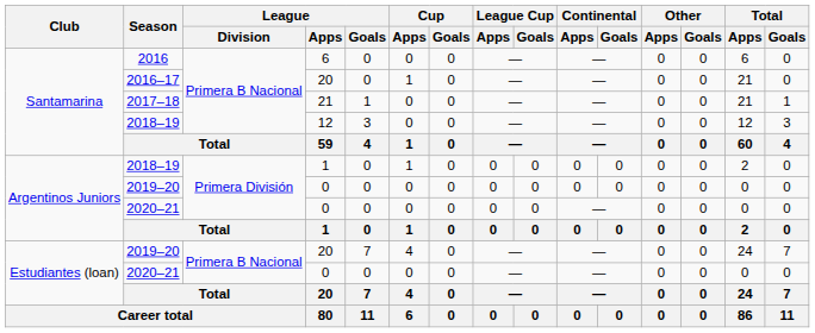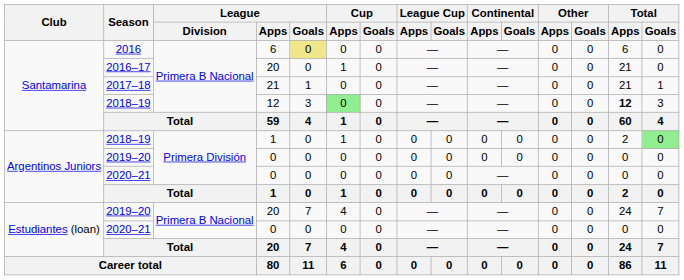 <table class="wikitable" style="text-align:center">
 <tr>
 <th rowspan="2">Club</th>
 <th rowspan="2">Season</th>
 <th colspan="3">League</th>
 <th colspan="2">Cup</th>
 <th colspan="2">League Cup</th>
 <th colspan="2">Continental</th>
 <th colspan="2">Other</th>
 <th colspan="2">Total</th>
 </tr>
 <tr>
 <th>Division</th>
 <th>Apps</th>
 <th>Goals</th>
 <th>Apps</th>
 <th>Goals</th>
 <th>Apps</th>
 <th>Goals</th>
 <th>Apps</th>
 <th>Goals</th>
 <th>Apps</th>
 <th>Goals</th>
 <th>Apps</th>
 <th>Goals</th>
 </tr>
 <tr>
 <td rowspan="5"><a href='#'>Santamarina</a></td>
 <td><a href='#'>2016</a></td>
 <td rowspan="4"><a href='#'>Primera B Nacional</a></td>
 <td>6</td>
-<td>0</td>
+<td style="background: khaki;">0</td>
 <td>0</td>
 <td>0</td>
 <td colspan="2">—</td>
 <td colspan="2">—</td>
 <td>0</td>
 <td>0</td>
 <td>6</td>
 <td>0</td>
 </tr>
 <tr>
 <td><a href='#'>2016–17</a></td>
 <td>20</td>
 <td>0</td>
 <td>1</td>
 <td>0</td>
 <td colspan="2">—</td>
 <td colspan="2">—</td>
 <td>0</td>
 <td>0</td>
 <td>21</td>
 <td>0</td>
 </tr>
 <tr>
 <td><a href='#'>2017–18</a></td>
 <td>21</td>
 <td>1</td>
 <td>0</td>
 <td>0</td>
 <td colspan="2">—</td>
 <td colspan="2">—</td>
 <td>0</td>
 <td>0</td>
 <td>21</td>
 <td>1</td>
 </tr>
 <tr>
 <td><a href='#'>2018–19</a></td>
 <td>12</td>
 <td>3</td>
-<td>0</td>
+<td style="background: lightgreen;">0</td>
 <td>0</td>
 <td colspan="2">—</td>
 <td colspan="2">—</td>
 <td>0</td>
 <td>0</td>
-<td>12</td>
+<td><strong>12</strong></td>
 <td>3</td>
 </tr>
 <tr>
 <th colspan="2">Total</th>
 <th>59</th>
 <th>4</th>
 <th>1</th>
 <th>0</th>
 <th colspan="2">—</th>
 <th colspan="2">—</th>
 <th>0</th>
 <th>0</th>
 <th>60</th>
 <th>4</th>
 </tr>
 <tr>
 <td rowspan="4"><a href='#'>Argentinos Juniors</a></td>
 <td><a href='#'>2018–19</a></td>
 <td rowspan="3"><a href='#'>Primera División</a></td>
 <td>1</td>
 <td>0</td>
 <td>1</td>
 <td>0</td>
 <td>0</td>
 <td>0</td>
 <td>0</td>
 <td>0</td>
 <td>0</td>
 <td>0</td>
 <td>2</td>
-<td>0</td>
+<td style="background: lightgreen;">0</td>
 </tr>
 <tr>
 <td><a href='#'>2019–20</a></td>
 <td>0</td>
 <td>0</td>
 <td>0</td>
 <td>0</td>
 <td>0</td>
 <td>0</td>
 <td>0</td>
 <td>0</td>
 <td>0</td>
 <td>0</td>
 <td>0</td>
 <td>0</td>
 </tr>
 <tr>
 <td><a href='#'>2020–21</a></td>
 <td>0</td>
 <td>0</td>
 <td>0</td>
 <td>0</td>
 <td>0</td>
 <td>0</td>
 <td colspan="2">—</td>
 <td>0</td>
 <td>0</td>
 <td>0</td>
 <td>0</td>
 </tr>
 <tr>
 <th colspan="2">Total</th>
 <th>1</th>
 <th>0</th>
 <th>1</th>
 <th>0</th>
 <th>0</th>
 <th>0</th>
 <th>0</th>
 <th>0</th>
 <th>0</th>
 <th>0</th>
 <th>2</th>
 <th>0</th>
 </tr>
 <tr>
 <td rowspan="3"><a href='#'>Estudiantes</a> (loan)</td>
 <td><a href='#'>2019–20</a></td>
 <td rowspan="2"><a href='#'>Primera B Nacional</a></td>
 <td>20</td>
 <td>7</td>
 <td>4</td>
 <td>0</td>
 <td colspan="2">—</td>
 <td colspan="2">—</td>
 <td>0</td>
 <td>0</td>
 <td>24</td>
 <td>7</td>
 </tr>
 <tr>
 <td><a href='#'>2020–21</a></td>
 <td>0</td>
 <td>0</td>
 <td>0</td>
 <td>0</td>
 <td colspan="2">—</td>
 <td colspan="2">—</td>
 <td>0</td>
 <td>0</td>
 <td>0</td>
 <td>0</td>
 </tr>
 <tr>
 <th colspan="2">Total</th>
 <th>20</th>
 <th>7</th>
 <th>4</th>
 <th>0</th>
 <th colspan="2">—</th>
 <th colspan="2">—</th>
 <th>0</th>
 <th>0</th>
 <th>24</th>
 <th>7</th>
 </tr>
 <tr>
 <th colspan="3">Career total</th>
 <th>80</th>
 <th>11</th>
 <th>6</th>
 <th>0</th>
 <th>0</th>
 <th>0</th>
 <th>0</th>
 <th>0</th>
 <th>0</th>
 <th>0</th>
 <th>86</th>
 <th>11</th>
 </tr>
 </table>
